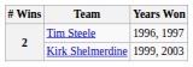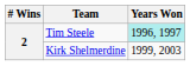 <table class="wikitable" style="font-size: 95%;">
 <tr>
 <th># Wins</th>
 <th>Team</th>
 <th>Years Won</th>
 </tr>
 <tr>
 <th rowspan="2">2</th>
 <td><a href='#'>Tim Steele</a></td>
-<td>1996, 1997</td>
+<td style="background: paleturquoise;">1996, 1997</td>
 </tr>
 <tr>
 <td><a href='#'>Kirk Shelmerdine</a></td>
 <td>1999, 2003</td>
 </tr>
 </table>
